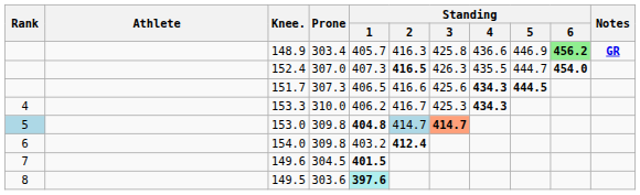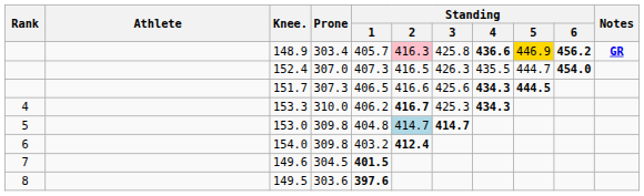 <table class="wikitable" style="text-align:center">
 <tr>
 <th rowspan=2 width=40>Rank</th>
 <th rowspan=2 width=250>Athlete</th>
 <th rowspan=2 width=40>Knee.</th>
 <th rowspan=2 width=40>Prone</th>
 <th colspan=6>Standing</th>
 <th rowspan=2 width=45>Notes</th>
 </tr>
 <tr>
 <th width=40>1</th>
 <th width=40>2</th>
 <th width=40>3</th>
 <th width=40>4</th>
 <th width=40>5</th>
 <th width=40>6</th>
 </tr>
 <tr>
 <td></td>
 <td align=left></td>
 <td>148.9</td>
 <td>303.4</td>
 <td>405.7</td>
-<td>416.3</td>
+<td style="background: pink;">416.3</td>
 <td>425.8</td>
-<td>436.6</td>
-<td>446.9</td>
-<td style="background: lightgreen;"><strong>456.2</strong></td>
+<td><strong>436.6</strong></td>
+<td style="background: gold;">446.9</td>
+<td><strong>456.2</strong></td>
 <td><strong><a href='#'>GR</a></strong></td>
 </tr>
 <tr>
 <td></td>
 <td align=left></td>
 <td>152.4</td>
 <td>307.0</td>
 <td>407.3</td>
-<td><strong>416.5</strong></td>
+<td>416.5</td>
 <td>426.3</td>
 <td>435.5</td>
 <td>444.7</td>
 <td><strong>454.0</strong></td>
 <td></td>
 </tr>
 <tr>
 <td></td>
 <td align=left></td>
 <td>151.7</td>
 <td>307.3</td>
 <td>406.5</td>
 <td>416.6</td>
 <td>425.6</td>
 <td><strong>434.3</strong></td>
 <td><strong>444.5</strong></td>
 <td></td>
 <td></td>
 </tr>
 <tr>
 <td>4</td>
 <td align=left></td>
 <td>153.3</td>
 <td>310.0</td>
 <td>406.2</td>
-<td>416.7</td>
+<td><strong>416.7</strong></td>
 <td>425.3</td>
 <td><strong>434.3</strong></td>
 <td></td>
 <td></td>
 <td></td>
 </tr>
 <tr>
-<td style="background: lightblue;">5</td>
+<td>5</td>
 <td align=left></td>
 <td>153.0</td>
 <td>309.8</td>
-<td><strong>404.8</strong></td>
+<td>404.8</td>
 <td style="background: lightblue;">414.7</td>
-<td style="background: lightsalmon;"><strong>414.7</strong></td>
+<td><strong>414.7</strong></td>
 <td></td>
 <td></td>
 <td></td>
 <td></td>
 </tr>
 <tr>
 <td>6</td>
 <td align=left></td>
 <td>154.0</td>
 <td>309.8</td>
 <td>403.2</td>
 <td><strong>412.4</strong></td>
 <td></td>
 <td></td>
 <td></td>
 <td></td>
 <td></td>
 </tr>
 <tr>
 <td>7</td>
 <td align=left></td>
 <td>149.6</td>
 <td>304.5</td>
 <td><strong>401.5</strong></td>
 <td></td>
 <td></td>
 <td></td>
 <td></td>
 <td></td>
 <td></td>
 </tr>
 <tr>
 <td>8</td>
 <td align=left></td>
 <td>149.5</td>
 <td>303.6</td>
-<td style="background: paleturquoise;"><strong>397.6</strong></td>
+<td><strong>397.6</strong></td>
 <td></td>
 <td></td>
 <td></td>
 <td></td>
 <td></td>
 <td></td>
 </tr>
 </table>
